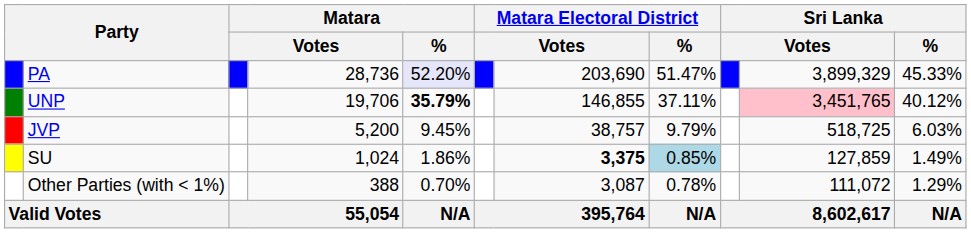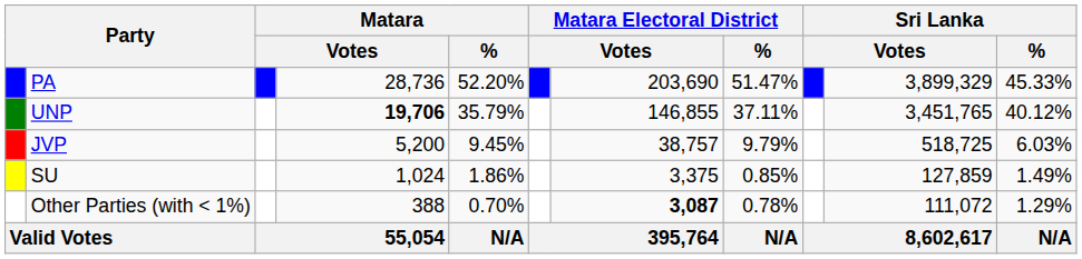 <table class="wikitable">
 <tr>
 <th colspan="2" width="144px"rowspan="2">Party</th>
 <th colspan="3" width="216px">Matara</th>
 <th colspan="3" width="216px"><a href='#'>Matara Electoral District</a></th>
 <th colspan="3" width="216px">Sri Lanka</th>
 </tr>
 <tr>
 <th colspan="2" width="144px">Votes</th>
 <th>%</th>
 <th colspan="2" width="144px">Votes</th>
 <th>%</th>
 <th colspan="2" width="144px">Votes</th>
 <th>%</th>
 </tr>
 <tr>
 <td style="background-color:blue;" width="10px"></td>
 <td style="text-align:left;"><a href='#'>PA</a></td>
 <td style="background-color:blue;" width="10px"></td>
 <td style="text-align:right;">28,736</td>
-<td style="background: lavender; text-align:right;">52.20%</td>
+<td style="text-align:right;">52.20%</td>
 <td style="background-color:blue;" width="10px"></td>
 <td style="text-align:right;">203,690</td>
 <td style="text-align:right;">51.47%</td>
 <td style="background-color:blue;" width="10px"></td>
 <td style="text-align:right;">3,899,329</td>
 <td style="text-align:right;">45.33%</td>
 </tr>
 <tr>
 <td style="background-color:green;" width="10px"></td>
 <td style="text-align:left;"><a href='#'>UNP</a></td>
 <td style="background-color:white;" width="10px"></td>
-<td style="text-align:right;">19,706</td>
-<td style="text-align:right;"><strong>35.79%</strong></td>
+<td style="text-align:right;"><strong>19,706</strong></td>
+<td style="text-align:right;">35.79%</td>
 <td style="background-color:white;" width="10px"></td>
 <td style="text-align:right;">146,855</td>
 <td style="text-align:right;">37.11%</td>
 <td style="background-color:white;" width="10px"></td>
-<td style="background: pink; text-align:right;">3,451,765</td>
+<td style="text-align:right;">3,451,765</td>
 <td style="text-align:right;">40.12%</td>
 </tr>
 <tr>
 <td style="background-color:red;" width="10px"></td>
 <td style="text-align:left;"><a href='#'>JVP</a></td>
 <td style="background-color:white;" width="10px"></td>
 <td style="text-align:right;">5,200</td>
 <td style="text-align:right;">9.45%</td>
 <td style="background-color:white;" width="10px"></td>
 <td style="text-align:right;">38,757</td>
 <td style="text-align:right;">9.79%</td>
 <td style="background-color:white;" width="10px"></td>
 <td style="text-align:right;">518,725</td>
 <td style="text-align:right;">6.03%</td>
 </tr>
 <tr>
 <td style="background-color:yellow;" width="10px"></td>
 <td style="text-align:left;">SU</td>
 <td style="background-color:white;" width="10px"></td>
 <td style="text-align:right;">1,024</td>
 <td style="text-align:right;">1.86%</td>
 <td style="background-color:white;" width="10px"></td>
-<td style="text-align:right;"><strong>3,375</strong></td>
-<td style="background: lightblue; text-align:right;">0.85%</td>
+<td style="text-align:right;">3,375</td>
+<td style="text-align:right;">0.85%</td>
 <td style="background-color:white;" width="10px"></td>
 <td style="text-align:right;">127,859</td>
 <td style="text-align:right;">1.49%</td>
 </tr>
 <tr>
 <td style="background-color:white;" width="10px"></td>
 <td style="text-align:left;">Other Parties (with < 1%)</td>
 <td style="background-color:white;" width="10px"></td>
 <td style="text-align:right;">388</td>
 <td style="text-align:right;">0.70%</td>
 <td style="background-color:white;" width="10px"></td>
-<td style="text-align:right;">3,087</td>
+<td style="text-align:right;"><strong>3,087</strong></td>
 <td style="text-align:right;">0.78%</td>
 <td style="background-color:white;" width="10px"></td>
 <td style="text-align:right;">111,072</td>
 <td style="text-align:right;">1.29%</td>
 </tr>
 <tr>
 <th colspan="2" width="144px"style="text-align:left;">Valid Votes</th>
 <th style="text-align:right;"colspan="2" width="144px">55,054</th>
 <th style="text-align:right;">N/A</th>
 <th style="text-align:right;"colspan="2" width="144px">395,764</th>
 <th style="text-align:right;">N/A</th>
 <th style="text-align:right;"colspan="2" width="144px">8,602,617</th>
 <th style="text-align:right;">N/A</th>
 </tr>
 </table>
